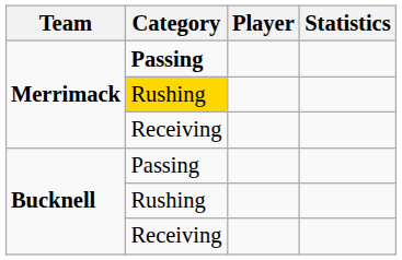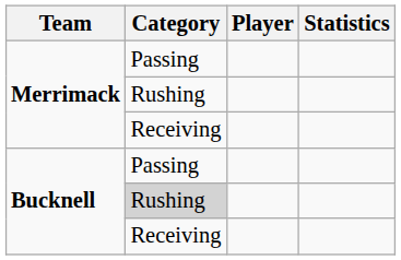 <table class="wikitable" style="float: right;">
 <tr>
 <th>Team</th>
 <th>Category</th>
 <th>Player</th>
 <th>Statistics</th>
 </tr>
 <tr>
 <td rowspan=3><strong>Merrimack</strong></td>
-<td><strong>Passing</strong></td>
+<td>Passing</td>
 <td></td>
 <td></td>
 </tr>
 <tr>
-<td style="background: gold;">Rushing</td>
+<td>Rushing</td>
 <td></td>
 <td></td>
 </tr>
 <tr>
 <td>Receiving</td>
 <td></td>
 <td></td>
 </tr>
 <tr>
 <td rowspan=3><strong>Bucknell</strong></td>
 <td>Passing</td>
 <td></td>
 <td></td>
 </tr>
 <tr>
-<td>Rushing</td>
+<td style="background: lightgrey;">Rushing</td>
 <td></td>
 <td></td>
 </tr>
 <tr>
 <td>Receiving</td>
 <td></td>
 <td></td>
 </tr>
 </table>
